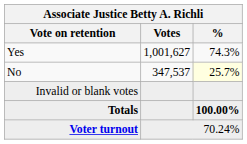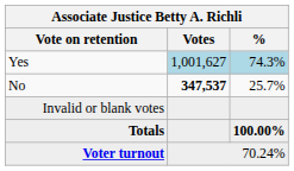 <table class="wikitable" style="font-size: 95%;">
 <tr style="background-color:#E9E9E9">
 <th colspan=7>Associate Justice Betty A. Richli</th>
 </tr>
 <tr style="background-color:#E9E9E9">
 <th style="width: 170px">Vote on retention</th>
 <th style="width: 50px">Votes</th>
 <th style="width: 40px">%</th>
 </tr>
 <tr>
 <td>Yes</td>
-<td align="right">1,001,627</td>
-<td align="right">74.3%</td>
+<td align="right" style="background: lightblue;">1,001,627</td>
+<td align="right" style="background: lightblue;">74.3%</td>
 </tr>
 <tr>
 <td>No</td>
-<td align="right">347,537</td>
-<td align="right" style="background: lightyellow;">25.7%</td>
+<td align="right"><strong>347,537</strong></td>
+<td align="right">25.7%</td>
 </tr>
 <tr bgcolor="#EEEEEE">
 <td align="right">Invalid or blank votes</td>
 <td align="right"></td>
 <td align="right"></td>
 </tr>
 <tr bgcolor="#EEEEEE">
 <td align="right"><strong>Totals</strong></td>
 <td align="right"><strong></strong></td>
 <td align="right"><strong>100.00%</strong></td>
 </tr>
 <tr bgcolor="#EEEEEE">
 <td align="right"><strong><a href='#'>Voter turnout</a></strong></td>
 <td colspan="2" align="right">70.24%</td>
 </tr>
 </table>
